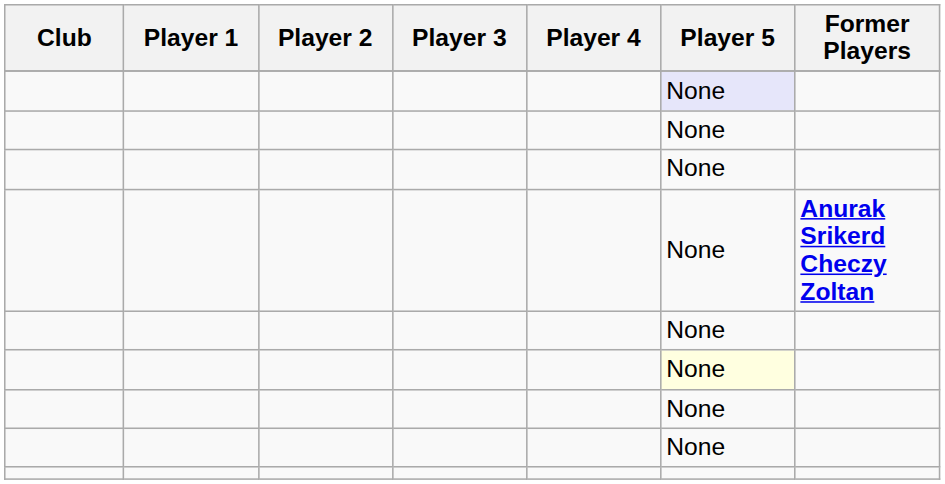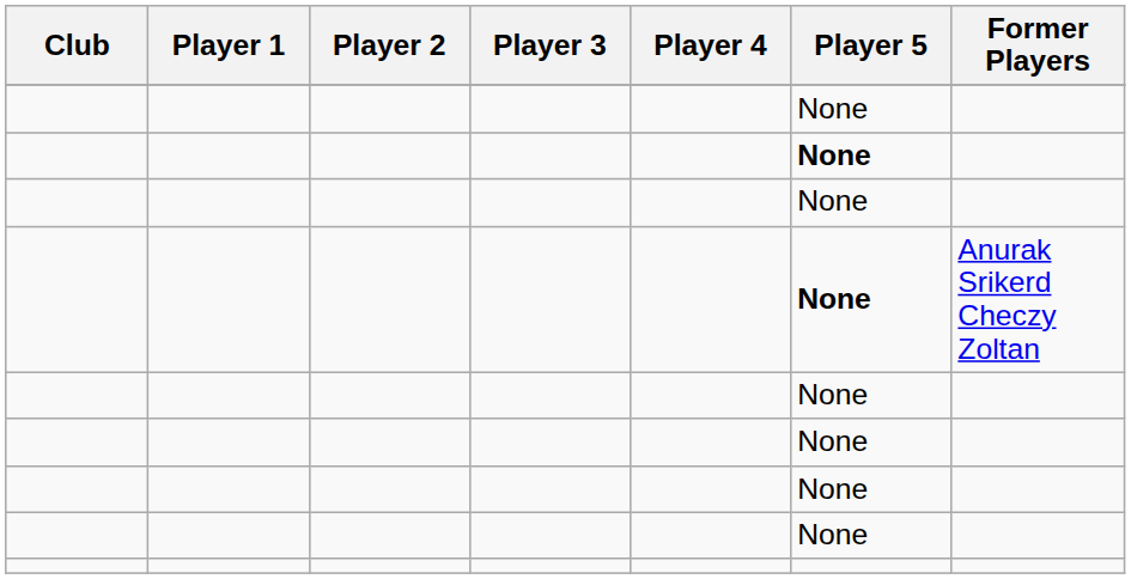 <table class="wikitable ">
 <tr>
 <th style="width:190px;">Club</th>
 <th style="width:190px;">Player 1</th>
 <th style="width:190px;">Player 2</th>
 <th style="width:190px;">Player 3</th>
 <th style="width:190px;">Player 4</th>
 <th style="width:190px;">Player 5</th>
 <th style="width:190px;">Former Players</th>
 </tr>
 <tr>
 </tr>
 <tr>
 <td></td>
 <td></td>
 <td></td>
 <td></td>
 <td></td>
-<td style="background: lavender;">None</td>
+<td>None</td>
+<td></td>
+</tr>
+<tr>
+<td></td>
+<td></td>
+<td></td>
+<td></td>
+<td></td>
+<td><strong>None</strong></td>
 <td></td>
 </tr>
 <tr>
 <td></td>
 <td></td>
 <td></td>
 <td></td>
 <td></td>
 <td>None</td>
 <td></td>
 </tr>
 <tr>
 <td></td>
 <td></td>
 <td></td>
 <td></td>
 <td></td>
-<td>None</td>
-<td></td>
-</tr>
-<tr>
-<td></td>
-<td></td>
-<td></td>
-<td></td>
-<td></td>
-<td>None</td>
-<td><strong> <a href='#'>Anurak Srikerd</a> <br> <a href='#'>Checzy Zoltan</a> <br></strong></td>
+<td><strong>None</strong></td>
+<td> <a href='#'>Anurak Srikerd</a> <br> <a href='#'>Checzy Zoltan</a> <br></td>
 </tr>
 <tr>
 <td></td>
 <td></td>
 <td></td>
 <td></td>
 <td></td>
 <td>None</td>
 <td></td>
 </tr>
 <tr>
 <td></td>
 <td></td>
 <td></td>
 <td></td>
 <td></td>
-<td style="background: lightyellow;">None</td>
+<td>None</td>
 <td></td>
 </tr>
 <tr>
 <td></td>
 <td></td>
 <td></td>
 <td></td>
 <td></td>
 <td>None</td>
 <td></td>
 </tr>
 <tr>
 <td></td>
 <td></td>
 <td></td>
 <td></td>
 <td></td>
 <td>None</td>
 <td></td>
 </tr>
 <tr>
 <td> </td>
 <td></td>
 <td></td>
 <td></td>
 <td></td>
 <td></td>
 <td></td>
 </tr>
 </table>
